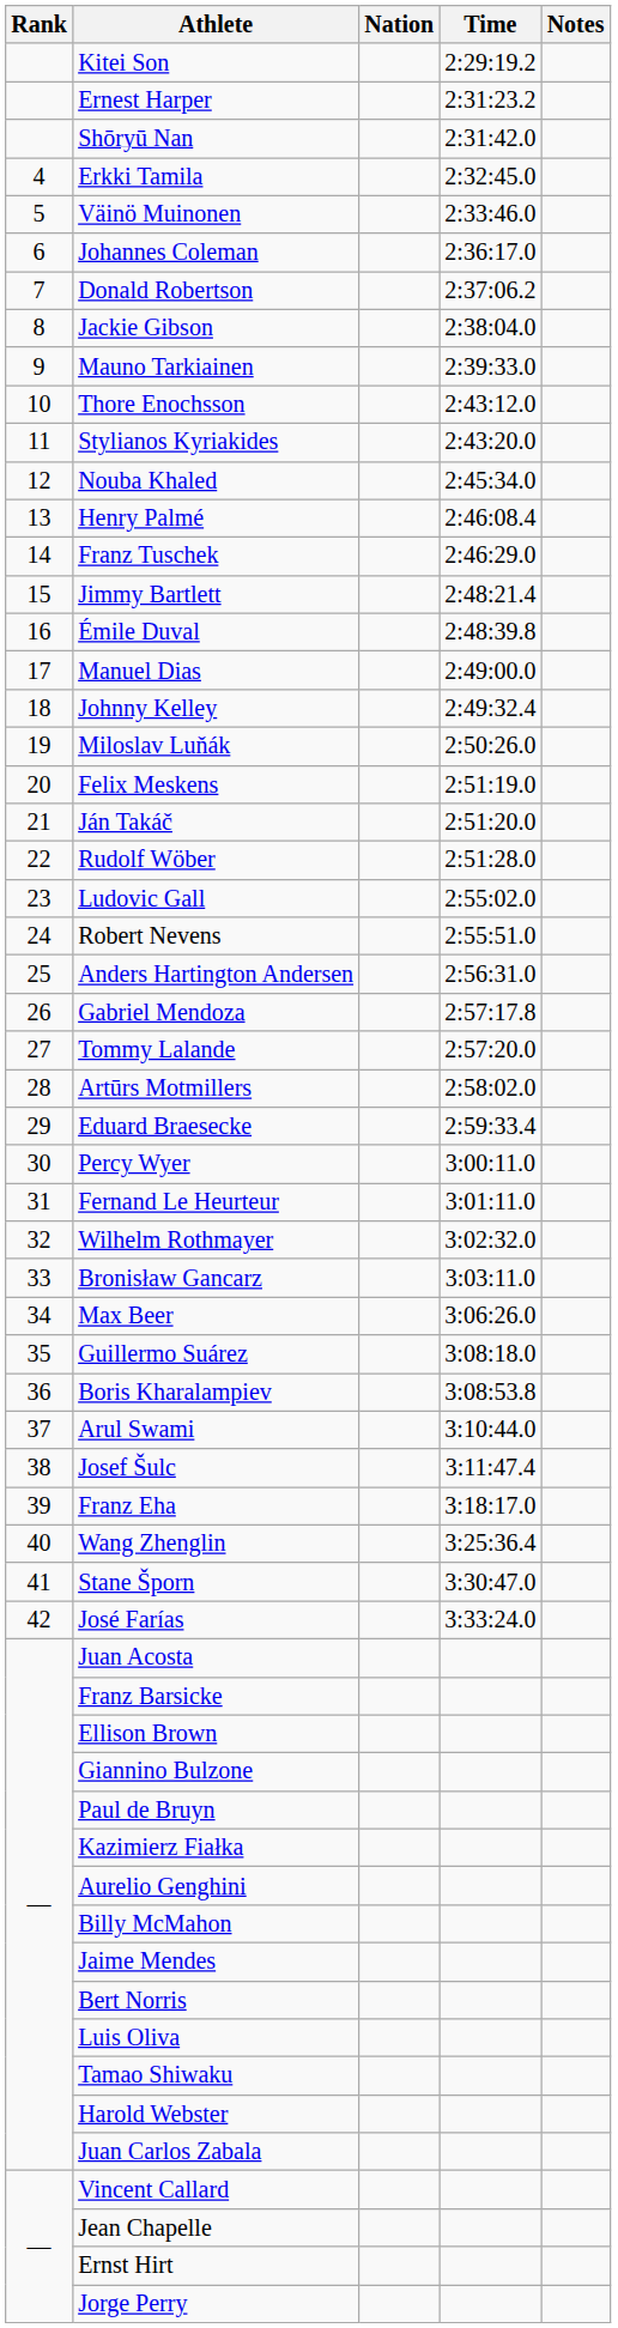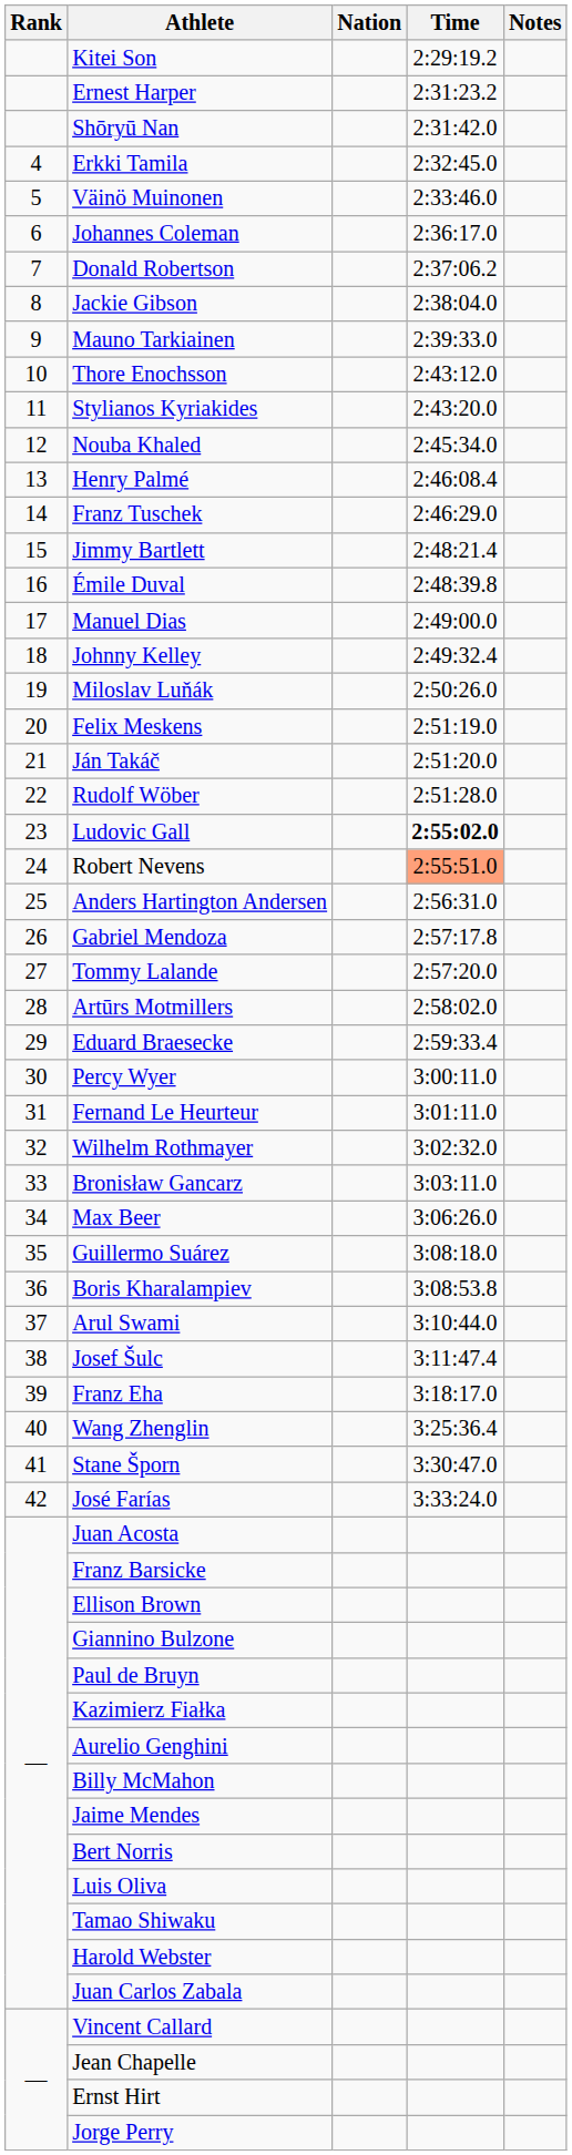 <table class="wikitable sortable" style="text-align:center">
 <tr>
 <th>Rank</th>
 <th>Athlete</th>
 <th>Nation</th>
 <th>Time</th>
 <th>Notes</th>
 </tr>
 <tr>
 <td></td>
 <td align=left><a href='#'>Kitei Son</a></td>
 <td align=left></td>
 <td>2:29:19.2</td>
 <td></td>
 </tr>
 <tr>
 <td></td>
 <td align=left><a href='#'>Ernest Harper</a></td>
 <td align=left></td>
 <td>2:31:23.2</td>
 <td></td>
 </tr>
 <tr>
 <td></td>
 <td align=left><a href='#'>Shōryū Nan</a></td>
 <td align=left></td>
 <td>2:31:42.0</td>
 <td></td>
 </tr>
 <tr>
 <td>4</td>
 <td align=left><a href='#'>Erkki Tamila</a></td>
 <td align=left></td>
 <td>2:32:45.0</td>
 <td></td>
 </tr>
 <tr>
 <td>5</td>
 <td align=left><a href='#'>Väinö Muinonen</a></td>
 <td align=left></td>
 <td>2:33:46.0</td>
 <td></td>
 </tr>
 <tr>
 <td>6</td>
 <td align=left><a href='#'>Johannes Coleman</a></td>
 <td align=left></td>
 <td>2:36:17.0</td>
 <td></td>
 </tr>
 <tr>
 <td>7</td>
 <td align=left><a href='#'>Donald Robertson</a></td>
 <td align=left></td>
 <td>2:37:06.2</td>
 <td></td>
 </tr>
 <tr>
 <td>8</td>
 <td align=left><a href='#'>Jackie Gibson</a></td>
 <td align=left></td>
 <td>2:38:04.0</td>
 <td></td>
 </tr>
 <tr>
 <td>9</td>
 <td align=left><a href='#'>Mauno Tarkiainen</a></td>
 <td align=left></td>
 <td>2:39:33.0</td>
 <td></td>
 </tr>
 <tr>
 <td>10</td>
 <td align=left><a href='#'>Thore Enochsson</a></td>
 <td align=left></td>
 <td>2:43:12.0</td>
 <td></td>
 </tr>
 <tr>
 <td>11</td>
 <td align=left><a href='#'>Stylianos Kyriakides</a></td>
 <td align=left></td>
 <td>2:43:20.0</td>
 <td></td>
 </tr>
 <tr>
 <td>12</td>
 <td align=left><a href='#'>Nouba Khaled</a></td>
 <td align=left></td>
 <td>2:45:34.0</td>
 <td></td>
 </tr>
 <tr>
 <td>13</td>
 <td align=left><a href='#'>Henry Palmé</a></td>
 <td align=left></td>
 <td>2:46:08.4</td>
 <td></td>
 </tr>
 <tr>
 <td>14</td>
 <td align=left><a href='#'>Franz Tuschek</a></td>
 <td align=left></td>
 <td>2:46:29.0</td>
 <td></td>
 </tr>
 <tr>
 <td>15</td>
 <td align=left><a href='#'>Jimmy Bartlett</a></td>
 <td align=left></td>
 <td>2:48:21.4</td>
 <td></td>
 </tr>
 <tr>
 <td>16</td>
 <td align=left><a href='#'>Émile Duval</a></td>
 <td align=left></td>
 <td>2:48:39.8</td>
 <td></td>
 </tr>
 <tr>
 <td>17</td>
 <td align=left><a href='#'>Manuel Dias</a></td>
 <td align=left></td>
 <td>2:49:00.0</td>
 <td></td>
 </tr>
 <tr>
 <td>18</td>
 <td align=left><a href='#'>Johnny Kelley</a></td>
 <td align=left></td>
 <td>2:49:32.4</td>
 <td></td>
 </tr>
 <tr>
 <td>19</td>
 <td align=left><a href='#'>Miloslav Luňák</a></td>
 <td align=left></td>
 <td>2:50:26.0</td>
 <td></td>
 </tr>
 <tr>
 <td>20</td>
 <td align=left><a href='#'>Felix Meskens</a></td>
 <td align=left></td>
 <td>2:51:19.0</td>
 <td></td>
 </tr>
 <tr>
 <td>21</td>
 <td align=left><a href='#'>Ján Takáč</a></td>
 <td align=left></td>
 <td>2:51:20.0</td>
 <td></td>
 </tr>
 <tr>
 <td>22</td>
 <td align=left><a href='#'>Rudolf Wöber</a></td>
 <td align=left></td>
 <td>2:51:28.0</td>
 <td></td>
 </tr>
 <tr>
 <td>23</td>
 <td align=left><a href='#'>Ludovic Gall</a></td>
 <td align=left></td>
-<td>2:55:02.0</td>
+<td><strong>2:55:02.0</strong></td>
 <td></td>
 </tr>
 <tr>
 <td>24</td>
 <td align=left>Robert Nevens</td>
 <td align=left></td>
-<td>2:55:51.0</td>
+<td style="background: lightsalmon;">2:55:51.0</td>
 <td></td>
 </tr>
 <tr>
 <td>25</td>
 <td align=left><a href='#'>Anders Hartington Andersen</a></td>
 <td align=left></td>
 <td>2:56:31.0</td>
 <td></td>
 </tr>
 <tr>
 <td>26</td>
 <td align=left><a href='#'>Gabriel Mendoza</a></td>
 <td align=left></td>
 <td>2:57:17.8</td>
 <td></td>
 </tr>
 <tr>
 <td>27</td>
 <td align=left><a href='#'>Tommy Lalande</a></td>
 <td align=left></td>
 <td>2:57:20.0</td>
 <td></td>
 </tr>
 <tr>
 <td>28</td>
 <td align=left><a href='#'>Artūrs Motmillers</a></td>
 <td align=left></td>
 <td>2:58:02.0</td>
 <td></td>
 </tr>
 <tr>
 <td>29</td>
 <td align=left><a href='#'>Eduard Braesecke</a></td>
 <td align=left></td>
 <td>2:59:33.4</td>
 <td></td>
 </tr>
 <tr>
 <td>30</td>
 <td align=left><a href='#'>Percy Wyer</a></td>
 <td align=left></td>
 <td>3:00:11.0</td>
 <td></td>
 </tr>
 <tr>
 <td>31</td>
 <td align=left><a href='#'>Fernand Le Heurteur</a></td>
 <td align=left></td>
 <td>3:01:11.0</td>
 <td></td>
 </tr>
 <tr>
 <td>32</td>
 <td align=left><a href='#'>Wilhelm Rothmayer</a></td>
 <td align=left></td>
 <td>3:02:32.0</td>
 <td></td>
 </tr>
 <tr>
 <td>33</td>
 <td align=left><a href='#'>Bronisław Gancarz</a></td>
 <td align=left></td>
 <td>3:03:11.0</td>
 <td></td>
 </tr>
 <tr>
 <td>34</td>
 <td align=left><a href='#'>Max Beer</a></td>
 <td align=left></td>
 <td>3:06:26.0</td>
 <td></td>
 </tr>
 <tr>
 <td>35</td>
 <td align=left><a href='#'>Guillermo Suárez</a></td>
 <td align=left></td>
 <td>3:08:18.0</td>
 <td></td>
 </tr>
 <tr>
 <td>36</td>
 <td align=left><a href='#'>Boris Kharalampiev</a></td>
 <td align=left></td>
 <td>3:08:53.8</td>
 <td></td>
 </tr>
 <tr>
 <td>37</td>
 <td align=left><a href='#'>Arul Swami</a></td>
 <td align=left></td>
 <td>3:10:44.0</td>
 <td></td>
 </tr>
 <tr>
 <td>38</td>
 <td align=left><a href='#'>Josef Šulc</a></td>
 <td align=left></td>
 <td>3:11:47.4</td>
 <td></td>
 </tr>
 <tr>
 <td>39</td>
 <td align=left><a href='#'>Franz Eha</a></td>
 <td align=left></td>
 <td>3:18:17.0</td>
 <td></td>
 </tr>
 <tr>
 <td>40</td>
 <td align=left><a href='#'>Wang Zhenglin</a></td>
 <td align=left></td>
 <td>3:25:36.4</td>
 <td></td>
 </tr>
 <tr>
 <td>41</td>
 <td align=left><a href='#'>Stane Šporn</a></td>
 <td align=left></td>
 <td>3:30:47.0</td>
 <td></td>
 </tr>
 <tr>
 <td>42</td>
 <td align=left><a href='#'>José Farías</a></td>
 <td align=left></td>
 <td>3:33:24.0</td>
 <td></td>
 </tr>
 <tr>
 <td rowspan=14 data-sort-value=43>—</td>
 <td align=left><a href='#'>Juan Acosta</a></td>
 <td align=left></td>
 <td data-sort-value=4:00:00.0></td>
 <td></td>
 </tr>
 <tr>
 <td align=left><a href='#'>Franz Barsicke</a></td>
 <td align=left></td>
 <td data-sort-value=4:00:00.0></td>
 <td></td>
 </tr>
 <tr>
 <td align=left><a href='#'>Ellison Brown</a></td>
 <td align=left></td>
 <td data-sort-value=4:00:00.0></td>
 <td></td>
 </tr>
 <tr>
 <td align=left><a href='#'>Giannino Bulzone</a></td>
 <td align=left></td>
 <td data-sort-value=4:00:00.0></td>
 <td></td>
 </tr>
 <tr>
 <td align=left><a href='#'>Paul de Bruyn</a></td>
 <td align=left></td>
 <td data-sort-value=4:00:00.0></td>
 <td></td>
 </tr>
 <tr>
 <td align=left><a href='#'>Kazimierz Fiałka</a></td>
 <td align=left></td>
 <td data-sort-value=4:00:00.0></td>
 <td></td>
 </tr>
 <tr>
 <td align=left><a href='#'>Aurelio Genghini</a></td>
 <td align=left></td>
 <td data-sort-value=4:00:00.0></td>
 <td></td>
 </tr>
 <tr>
 <td align=left><a href='#'>Billy McMahon</a></td>
 <td align=left></td>
 <td data-sort-value=4:00:00.0></td>
 <td></td>
 </tr>
 <tr>
 <td align=left><a href='#'>Jaime Mendes</a></td>
 <td align=left></td>
 <td data-sort-value=4:00:00.0></td>
 <td></td>
 </tr>
 <tr>
 <td align=left><a href='#'>Bert Norris</a></td>
 <td align=left></td>
 <td data-sort-value=4:00:00.0></td>
 <td></td>
 </tr>
 <tr>
 <td align=left><a href='#'>Luis Oliva</a></td>
 <td align=left></td>
 <td data-sort-value=4:00:00.0></td>
 <td></td>
 </tr>
 <tr>
 <td align=left><a href='#'>Tamao Shiwaku</a></td>
 <td align=left></td>
 <td data-sort-value=4:00:00.0></td>
 <td></td>
 </tr>
 <tr>
 <td align=left><a href='#'>Harold Webster</a></td>
 <td align=left></td>
 <td data-sort-value=4:00:00.0></td>
 <td></td>
 </tr>
 <tr>
 <td align=left><a href='#'>Juan Carlos Zabala</a></td>
 <td align=left></td>
 <td data-sort-value=4:00:00.0></td>
 <td></td>
 </tr>
 <tr>
 <td rowspan=4 data-sort-value=57>—</td>
 <td align=left><a href='#'>Vincent Callard</a></td>
 <td align=left></td>
 <td data-sort-value=9:99:99.9></td>
 <td></td>
 </tr>
 <tr>
 <td align=left>Jean Chapelle</td>
 <td align=left></td>
 <td data-sort-value=9:99:99.9></td>
 <td></td>
 </tr>
 <tr>
 <td align=left>Ernst Hirt</td>
 <td align=left></td>
 <td data-sort-value=9:99:99.9></td>
 <td></td>
 </tr>
 <tr>
 <td align=left><a href='#'>Jorge Perry</a></td>
 <td align=left></td>
 <td data-sort-value=9:99:99.9></td>
 <td></td>
 </tr>
 </table>
